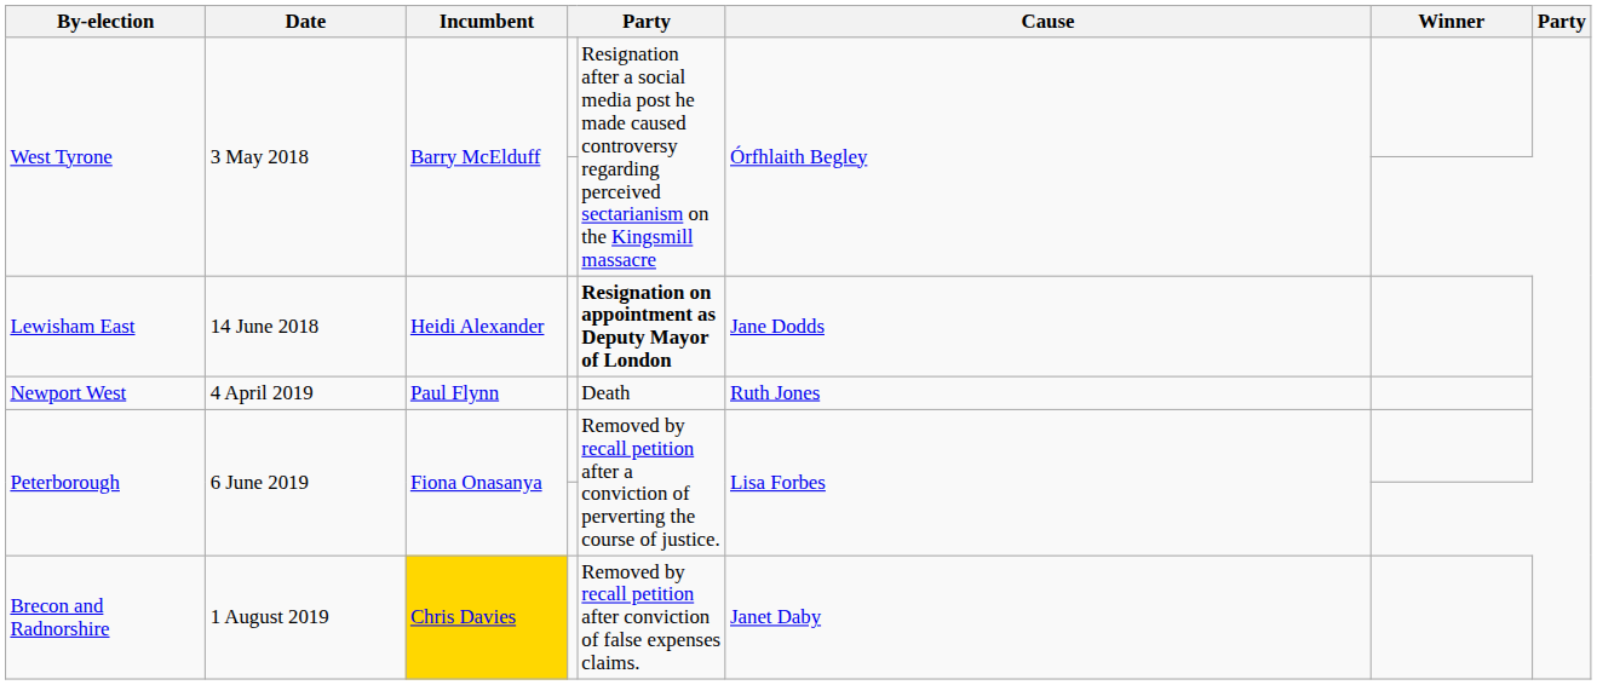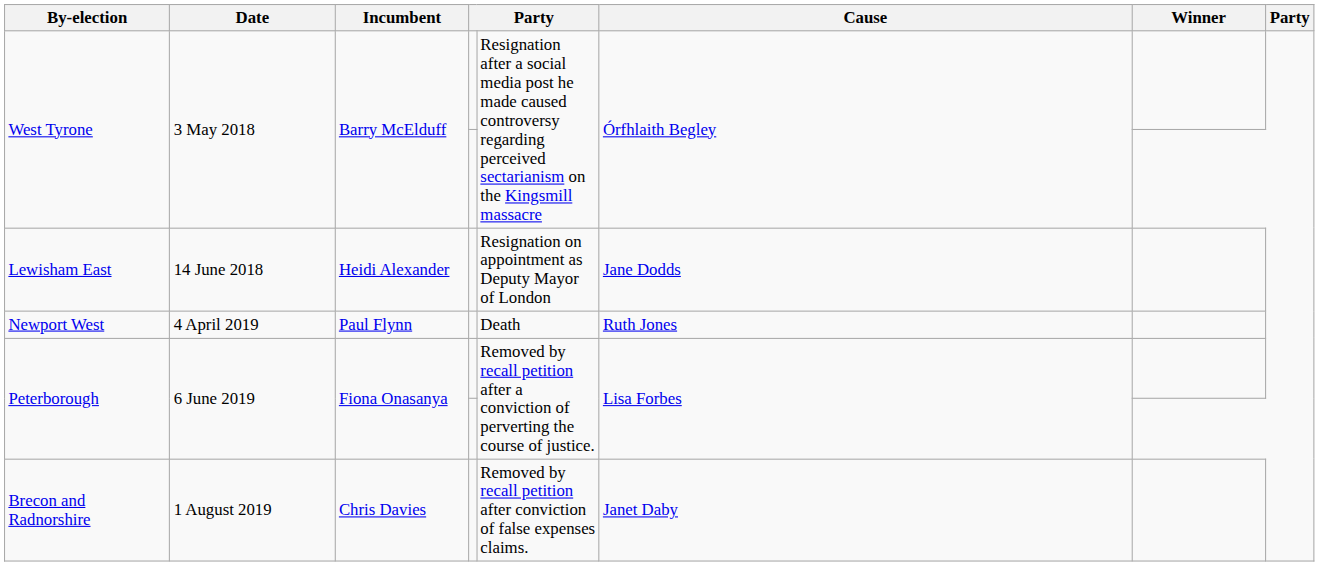 <table class="wikitable">
 <tr>
 <th scope="col" style="width: 150px">By-election</th>
 <th scope="col" style="width: 150px">Date</th>
 <th scope="col" style="width: 120px">Incumbent</th>
 <th scope="col" style="width: 50px" colspan=2>Party</th>
 <th scope="col" style="width: 500px">Cause</th>
 <th scope="col" style="width: 120px">Winner</th>
 <th scope="col" style="width: 50px" colspan=2>Party</th>
 </tr>
 <tr>
 <td rowspan=2><a href='#'>West Tyrone</a></td>
 <td rowspan=2>3 May 2018</td>
 <td rowspan=2><a href='#'>Barry McElduff</a></td>
 <td></td>
 <td rowspan=2>Resignation after a social media post he made caused controversy regarding perceived <a href='#'>sectarianism</a> on the <a href='#'>Kingsmill massacre</a></td>
 <td rowspan=2><a href='#'>Órfhlaith Begley</a></td>
 <td></td>
 </tr>
 <tr>
 <td></td>
 </tr>
 <tr>
 <td><a href='#'>Lewisham East</a></td>
 <td>14 June 2018</td>
 <td><a href='#'>Heidi Alexander</a></td>
 <td></td>
-<td><strong>Resignation on appointment as Deputy Mayor of London</strong></td>
+<td>Resignation on appointment as Deputy Mayor of London</td>
 <td rowspan=1><a href='#'>Jane Dodds</a></td>
 <td></td>
 </tr>
 <tr>
 <td><a href='#'>Newport West</a></td>
 <td>4 April 2019</td>
 <td><a href='#'>Paul Flynn</a></td>
 <td></td>
 <td>Death</td>
 <td><a href='#'>Ruth Jones</a></td>
 <td></td>
 </tr>
 <tr>
 <td rowspan=2><a href='#'>Peterborough</a></td>
 <td rowspan=2>6 June 2019</td>
 <td rowspan=2><a href='#'>Fiona Onasanya</a></td>
 <td></td>
 <td rowspan=2>Removed by <a href='#'>recall petition</a> after a conviction of perverting the course of justice.</td>
 <td rowspan=2><a href='#'>Lisa Forbes</a></td>
 <td></td>
 </tr>
 <tr>
 <td></td>
 </tr>
 <tr>
 <td rowspan=1><a href='#'>Brecon and Radnorshire</a></td>
 <td rowspan=1>1 August 2019</td>
-<td rowspan=1 style="background: gold;"><a href='#'>Chris Davies</a></td>
+<td rowspan=1><a href='#'>Chris Davies</a></td>
 <td></td>
 <td rowspan=1>Removed by <a href='#'>recall petition</a> after conviction of false expenses claims.</td>
 <td><a href='#'>Janet Daby</a></td>
 <td></td>
 </tr>
 </table>
